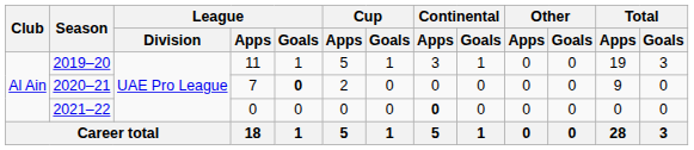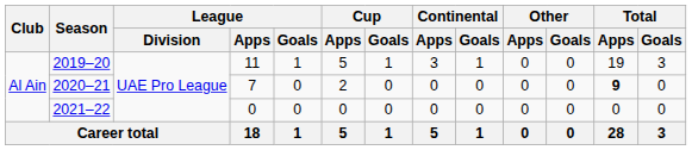 <table class=wikitable style=text-align:center>
 <tr>
 <th rowspan="2">Club</th>
 <th rowspan="2">Season</th>
 <th colspan="3">League</th>
 <th colspan="2">Cup</th>
 <th colspan="2">Continental</th>
 <th colspan="2">Other</th>
 <th colspan="2">Total</th>
 </tr>
 <tr>
 <th>Division</th>
 <th>Apps</th>
 <th>Goals</th>
 <th>Apps</th>
 <th>Goals</th>
 <th>Apps</th>
 <th>Goals</th>
 <th>Apps</th>
 <th>Goals</th>
 <th>Apps</th>
 <th>Goals</th>
 </tr>
 <tr>
 <td rowspan="3"><a href='#'>Al Ain</a></td>
 <td><a href='#'>2019–20</a></td>
 <td rowspan="3"><a href='#'>UAE Pro League</a></td>
 <td>11</td>
 <td>1</td>
 <td>5</td>
 <td>1</td>
 <td>3</td>
 <td>1</td>
 <td>0</td>
 <td>0</td>
 <td>19</td>
 <td>3</td>
 </tr>
 <tr>
 <td><a href='#'>2020–21</a></td>
 <td>7</td>
-<td><strong>0</strong></td>
+<td>0</td>
 <td>2</td>
 <td>0</td>
 <td>0</td>
 <td>0</td>
 <td>0</td>
 <td>0</td>
-<td>9</td>
+<td><strong>9</strong></td>
 <td>0</td>
 </tr>
 <tr>
 <td><a href='#'>2021–22</a></td>
 <td>0</td>
 <td>0</td>
 <td>0</td>
 <td>0</td>
-<td><strong>0</strong></td>
+<td>0</td>
 <td>0</td>
 <td>0</td>
 <td>0</td>
 <td>0</td>
 <td>0</td>
 </tr>
 <tr>
 <th colspan="3"><strong>Career total</strong></th>
 <th>18</th>
 <th>1</th>
 <th>5</th>
 <th>1</th>
 <th>5</th>
 <th>1</th>
 <th>0</th>
 <th>0</th>
 <th>28</th>
 <th>3</th>
 </tr>
 </table>
